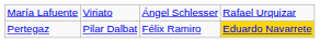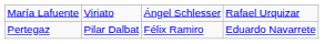 <table class="wikitable">
 <tr>
 <td><a href='#'>María Lafuente</a></td>
 <td><a href='#'>Viriato</a></td>
 <td><a href='#'>Ángel Schlesser</a></td>
 <td><a href='#'>Rafael Urquizar</a></td>
 </tr>
 <tr>
 <td><a href='#'>Pertegaz</a></td>
 <td><a href='#'>Pilar Dalbat</a></td>
 <td><a href='#'>Félix Ramiro</a></td>
-<td style="background: gold;"><a href='#'>Eduardo Navarrete</a></td>
+<td><a href='#'>Eduardo Navarrete</a></td>
 </tr>
 </table>
